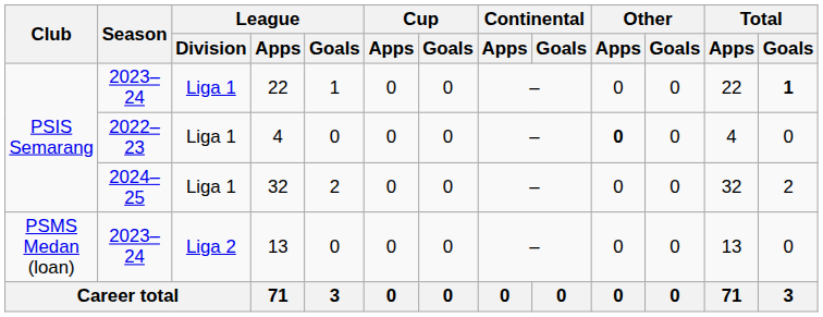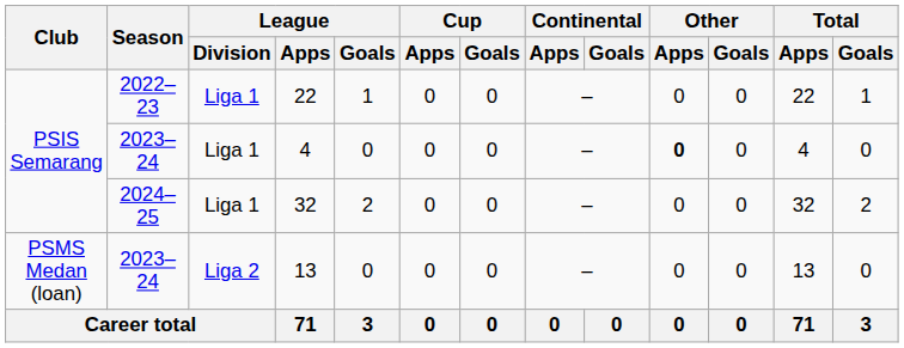 <table class="wikitable" style="text-align: center">
 <tr>
 <th rowspan="2">Club</th>
 <th rowspan="2">Season</th>
 <th colspan="3">League</th>
 <th colspan="2">Cup</th>
 <th colspan="2">Continental</th>
 <th colspan="2">Other</th>
 <th colspan="2">Total</th>
 </tr>
 <tr>
 <th>Division</th>
 <th>Apps</th>
 <th>Goals</th>
 <th>Apps</th>
 <th>Goals</th>
 <th>Apps</th>
 <th>Goals</th>
 <th>Apps</th>
 <th>Goals</th>
 <th>Apps</th>
 <th>Goals</th>
 </tr>
 <tr>
 <td rowspan="3"><a href='#'>PSIS Semarang</a></td>
-<td><a href='#'>2023–24</a></td>
+<td><a href='#'>2022–23</a></td>
 <td><a href='#'>Liga 1</a></td>
 <td>22</td>
 <td>1</td>
 <td>0</td>
 <td>0</td>
 <td colspan="2">–</td>
 <td>0</td>
 <td>0</td>
 <td>22</td>
-<td><strong>1</strong></td>
+<td>1</td>
 </tr>
 <tr>
-<td><a href='#'>2022–23</a></td>
+<td><a href='#'>2023–24</a></td>
 <td>Liga 1</td>
 <td>4</td>
 <td>0</td>
 <td>0</td>
 <td>0</td>
 <td colspan="2">–</td>
 <td><strong>0</strong></td>
 <td>0</td>
 <td>4</td>
 <td>0</td>
 </tr>
 <tr>
 <td><a href='#'>2024–25</a></td>
 <td>Liga 1</td>
 <td>32</td>
 <td>2</td>
 <td>0</td>
 <td>0</td>
 <td colspan="2">–</td>
 <td>0</td>
 <td>0</td>
 <td>32</td>
 <td>2</td>
 </tr>
 <tr>
 <td><a href='#'>PSMS Medan</a> (loan)</td>
 <td><a href='#'>2023–24</a></td>
 <td><a href='#'>Liga 2</a></td>
 <td>13</td>
 <td>0</td>
 <td>0</td>
 <td>0</td>
 <td colspan="2">–</td>
 <td>0</td>
 <td>0</td>
 <td>13</td>
 <td>0</td>
 </tr>
 <tr>
 <th colspan="3">Career total</th>
 <th>71</th>
 <th>3</th>
 <th>0</th>
 <th>0</th>
 <th>0</th>
 <th>0</th>
 <th>0</th>
 <th>0</th>
 <th>71</th>
 <th>3</th>
 </tr>
 </table>
